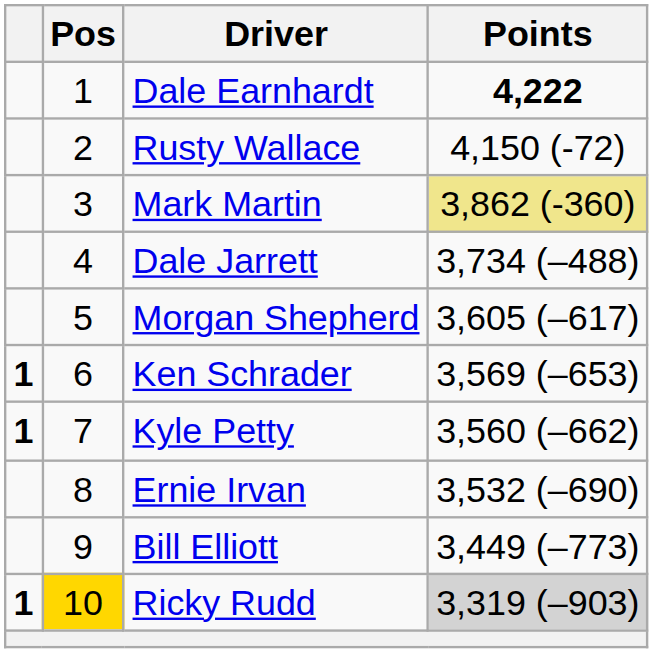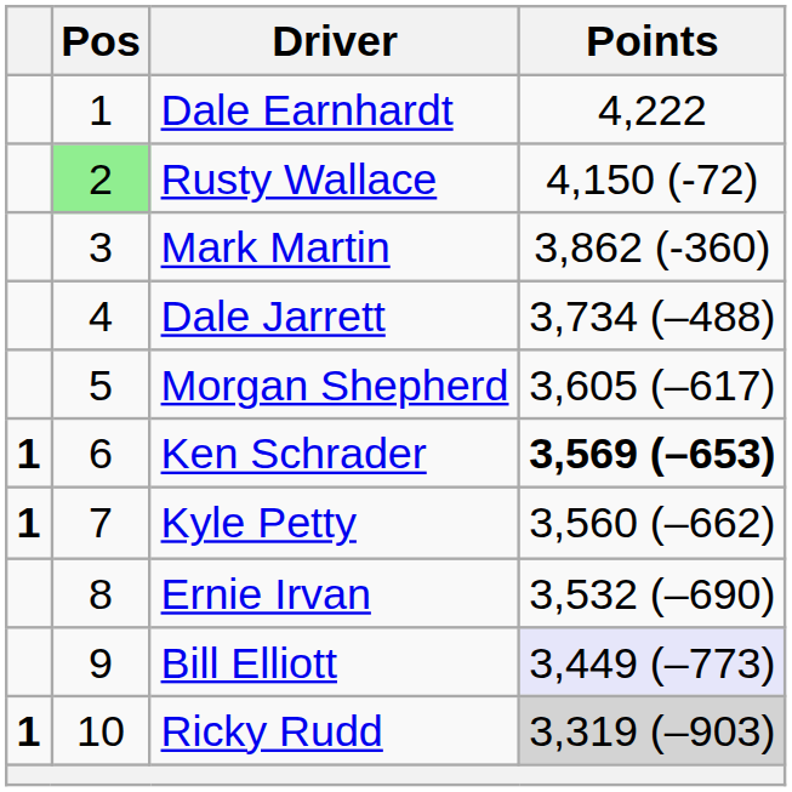 <table class="wikitable" style="font-size: 95%;">
 <tr>
 <th></th>
 <th>Pos</th>
 <th>Driver</th>
 <th>Points</th>
 </tr>
 <tr>
 <td align="left"></td>
 <td style="text-align:center;">1</td>
 <td><a href='#'>Dale Earnhardt</a></td>
-<td style="text-align:center;"><strong>4,222</strong></td>
+<td style="text-align:center;">4,222</td>
 </tr>
 <tr>
 <td align="left"></td>
-<td style="text-align:center;">2</td>
+<td style="background: lightgreen; text-align:center;">2</td>
 <td><a href='#'>Rusty Wallace</a></td>
 <td style="text-align:center;">4,150 (-72)</td>
 </tr>
 <tr>
 <td align="left"></td>
 <td style="text-align:center;">3</td>
 <td><a href='#'>Mark Martin</a></td>
-<td style="background: khaki; text-align:center;">3,862 (-360)</td>
+<td style="text-align:center;">3,862 (-360)</td>
 </tr>
 <tr>
 <td align="left"></td>
 <td style="text-align:center;">4</td>
 <td><a href='#'>Dale Jarrett</a></td>
 <td style="text-align:center;">3,734 (–488)</td>
 </tr>
 <tr>
 <td align="left"></td>
 <td style="text-align:center;">5</td>
 <td><a href='#'>Morgan Shepherd</a></td>
 <td style="text-align:center;">3,605 (–617)</td>
 </tr>
 <tr>
 <td align="left"> <strong>1</strong></td>
 <td style="text-align:center;">6</td>
 <td><a href='#'>Ken Schrader</a></td>
-<td style="text-align:center;">3,569 (–653)</td>
+<td style="text-align:center;"><strong>3,569 (–653)</strong></td>
 </tr>
 <tr>
 <td align="left"> <strong>1</strong></td>
 <td style="text-align:center;">7</td>
 <td><a href='#'>Kyle Petty</a></td>
 <td style="text-align:center;">3,560 (–662)</td>
 </tr>
 <tr>
 <td align="left"></td>
 <td style="text-align:center;">8</td>
 <td><a href='#'>Ernie Irvan</a></td>
 <td style="text-align:center;">3,532 (–690)</td>
 </tr>
 <tr>
 <td align="left"></td>
 <td style="text-align:center;">9</td>
 <td><a href='#'>Bill Elliott</a></td>
-<td style="text-align:center;">3,449 (–773)</td>
+<td style="background: lavender; text-align:center;">3,449 (–773)</td>
 </tr>
 <tr>
 <td align="left"> <strong>1</strong></td>
-<td style="background: gold; text-align:center;">10</td>
+<td style="text-align:center;">10</td>
 <td><a href='#'>Ricky Rudd</a></td>
 <td style="background: lightgrey; text-align:center;">3,319 (–903)</td>
 </tr>
 <tr class="sortbottom">
 <th colspan="9"></th>
 </tr>
 </table>
